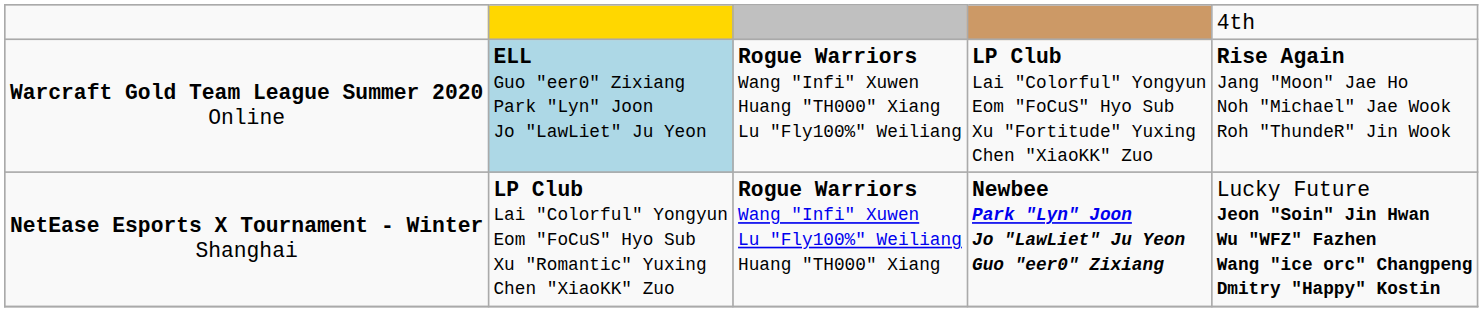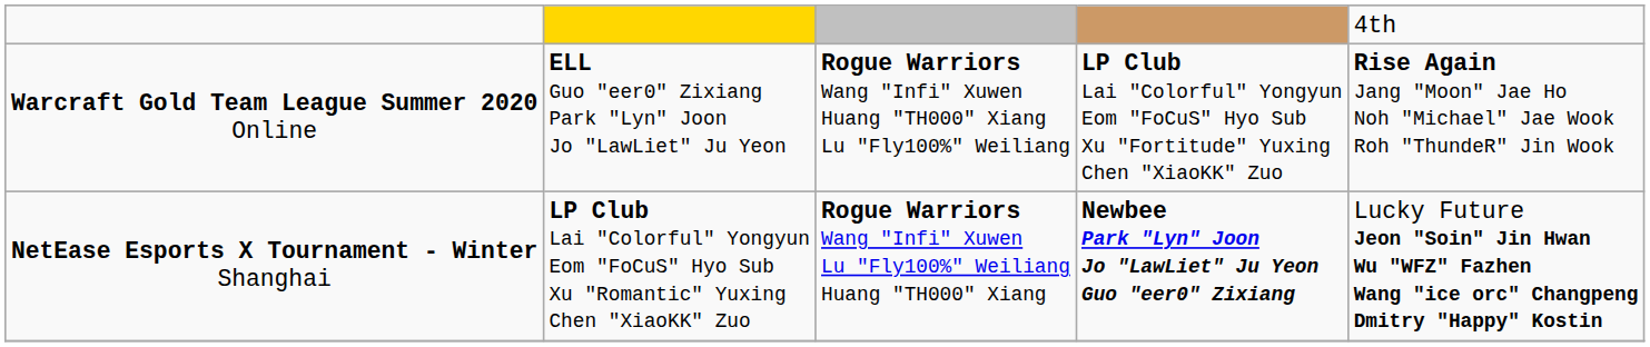 <table class="wikitable" style="text-align:left">
 <tr>
 <td style="text-align:center"></td>
 <td style="text-align:center; background:gold;"></td>
 <td style="text-align:center; background:silver;"></td>
 <td style="text-align:center; background:#c96;"></td>
 <td>4th</td>
 </tr>
 <tr>
 <td style="text-align:center"><strong>Warcraft Gold Team League Summer 2020</strong><br> Online</td>
-<td style="background: lightblue; vertical-align:top"><strong>ELL</strong><br><small> Guo "eer0" Zixiang<br> Park "Lyn" Joon <br> Jo "LawLiet" Ju Yeon </small></td>
+<td style="vertical-align:top"><strong>ELL</strong><br><small> Guo "eer0" Zixiang<br> Park "Lyn" Joon <br> Jo "LawLiet" Ju Yeon </small></td>
 <td style="vertical-align:top"> <strong>Rogue Warriors</strong><br><small> Wang "Infi" Xuwen <br> Huang "TH000" Xiang <br> Lu "Fly100%" Weiliang </small></td>
 <td style="vertical-align:top"> <strong>LP Club</strong><br><small> Lai "Colorful" Yongyun <br> Eom "FoCuS" Hyo Sub<br> Xu "Fortitude" Yuxing<br> Chen "XiaoKK" Zuo<br></small></td>
 <td style="vertical-align:top"> <strong>Rise Again</strong><br><small> Jang "Moon" Jae Ho<br> Noh "Michael" Jae Wook <br> Roh "ThundeR" Jin Wook </small></td>
 </tr>
 <tr>
 <td style="text-align:center"><strong>NetEase Esports X Tournament - Winter</strong><br> Shanghai</td>
 <td style="vertical-align:top"> <strong>LP Club</strong><br><small> Lai "Colorful" Yongyun<br> Eom "FoCuS" Hyo Sub <br> Xu "Romantic" Yuxing <br> Chen "XiaoKK" Zuo<br></small></td>
 <td style="vertical-align:top"> <strong>Rogue Warriors</strong><br><small> <a href='#'>Wang "Infi" Xuwen</a><br> <a href='#'>Lu "Fly100%" Weiliang</a> <br> Huang "TH000" Xiang <br></small></td>
 <td style="vertical-align:top"> <strong>Newbee<em><br><small> <a href='#'>Park "Lyn" Joon</a><br> Jo "LawLiet" Ju Yeon <br> Guo "eer0" Zixiang <br></small></td>
 <td style="vertical-align:top"> </strong>Lucky Future<strong><br><small> Jeon "Soin" Jin Hwan<br> Wu "WFZ" Fazhen <br> Wang "ice orc" Changpeng <br> Dmitry "Happy" Kostin <br></small></td>
 </tr>
 <tr>
 </tr>
 </table>
